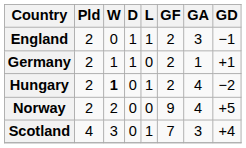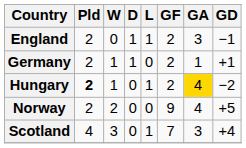 <table class="wikitable plainrowheaders sortable" style="text-align:center">
 <tr>
 <th scope=col>Country</th>
 <th scope=col>Pld</th>
 <th scope=col>W</th>
 <th scope=col>D</th>
 <th scope=col>L</th>
 <th scope=col>GF</th>
 <th scope=col>GA</th>
 <th scope=col>GD</th>
 </tr>
 <tr>
 <th scope=row> England</th>
 <td>2</td>
 <td>0</td>
 <td>1</td>
 <td>1</td>
 <td>2</td>
 <td>3</td>
 <td>−1</td>
 </tr>
 <tr>
 <th scope=row> Germany</th>
 <td>2</td>
 <td>1</td>
 <td>1</td>
 <td>0</td>
 <td>2</td>
 <td>1</td>
 <td>+1</td>
 </tr>
 <tr>
 <th scope=row> Hungary</th>
-<td>2</td>
-<td><strong>1</strong></td>
+<td><strong>2</strong></td>
+<td>1</td>
 <td>0</td>
 <td>1</td>
 <td>2</td>
-<td>4</td>
+<td style="background: gold;">4</td>
 <td>−2</td>
 </tr>
 <tr>
 <th scope=row> Norway</th>
 <td>2</td>
 <td>2</td>
 <td>0</td>
 <td>0</td>
 <td>9</td>
 <td>4</td>
 <td>+5</td>
 </tr>
 <tr>
 <th scope=row> Scotland</th>
 <td>4</td>
 <td>3</td>
 <td>0</td>
 <td>1</td>
 <td>7</td>
 <td>3</td>
 <td>+4</td>
 </tr>
 <tr>
 </tr>
 </table>
